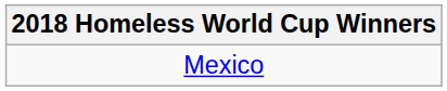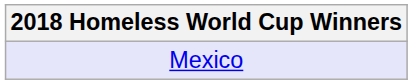 <table class="wikitable" style="text-align: center; margin: 0 auto;">
 <tr>
 <th>2018 Homeless World Cup Winners</th>
 </tr>
 <tr>
-<td> <a href='#'>Mexico</a></td>
+<td style="background: lavender;"> <a href='#'>Mexico</a></td>
 </tr>
 </table>
